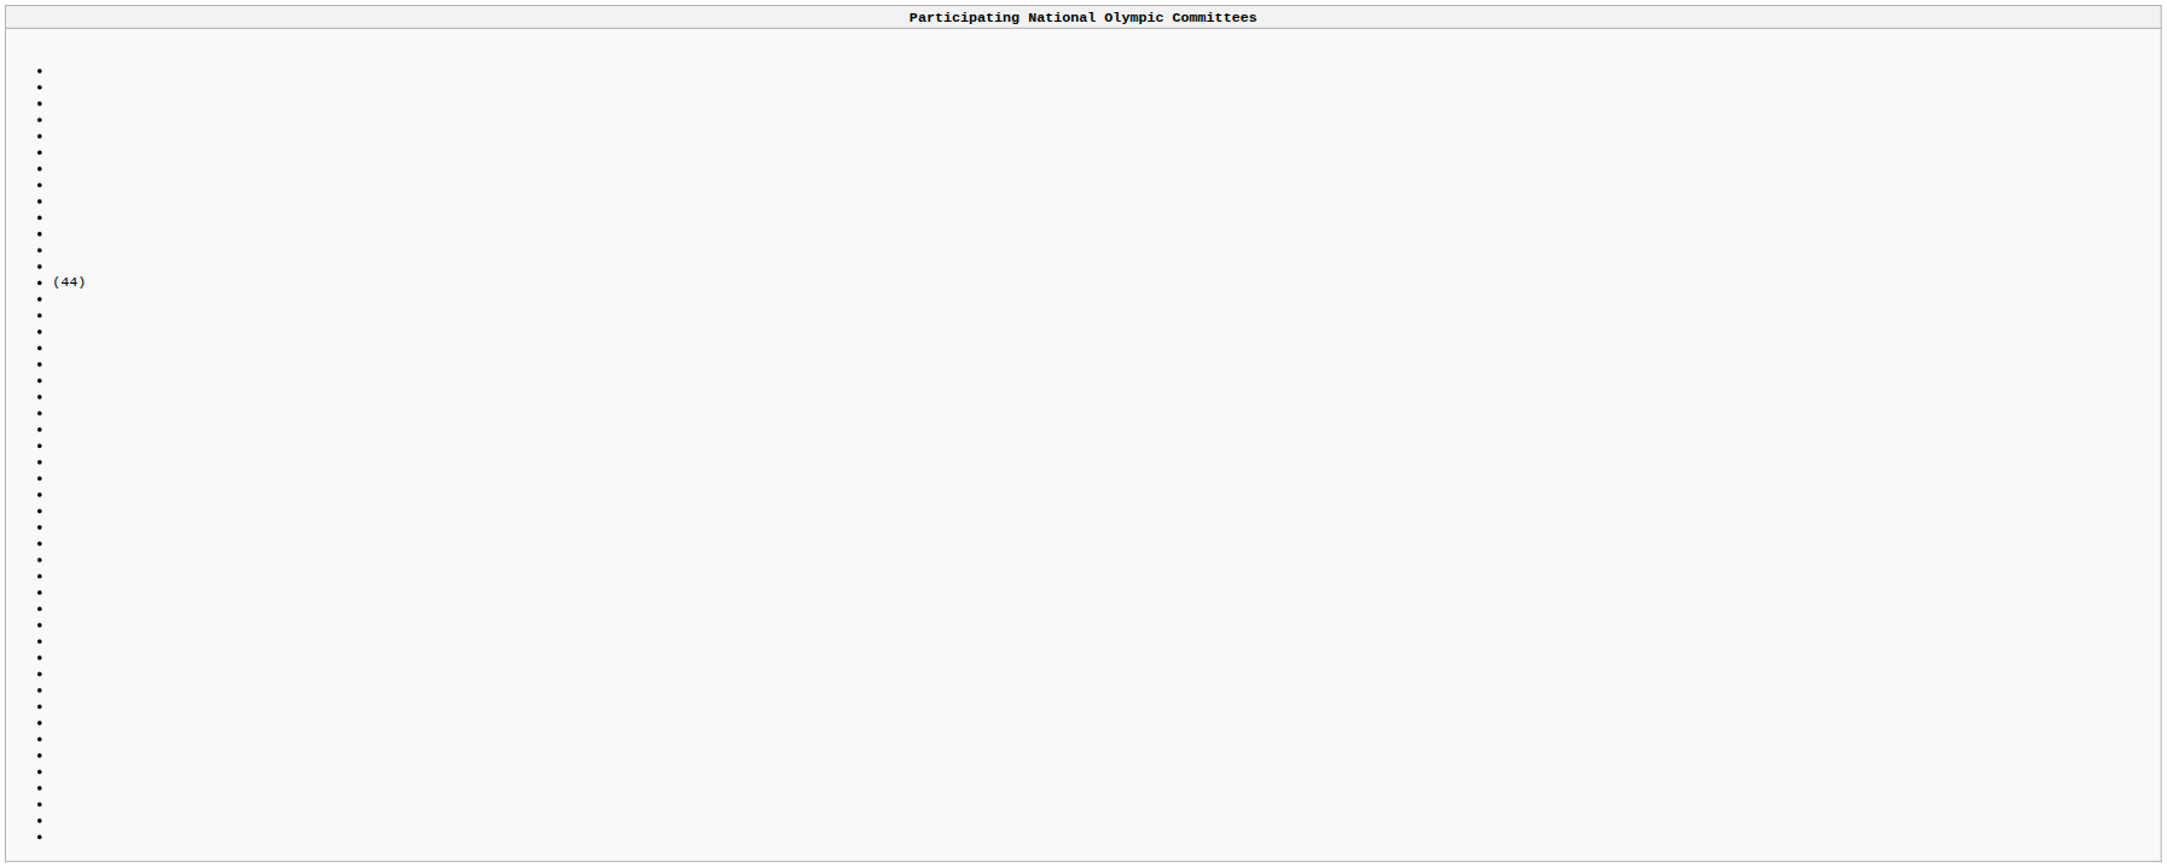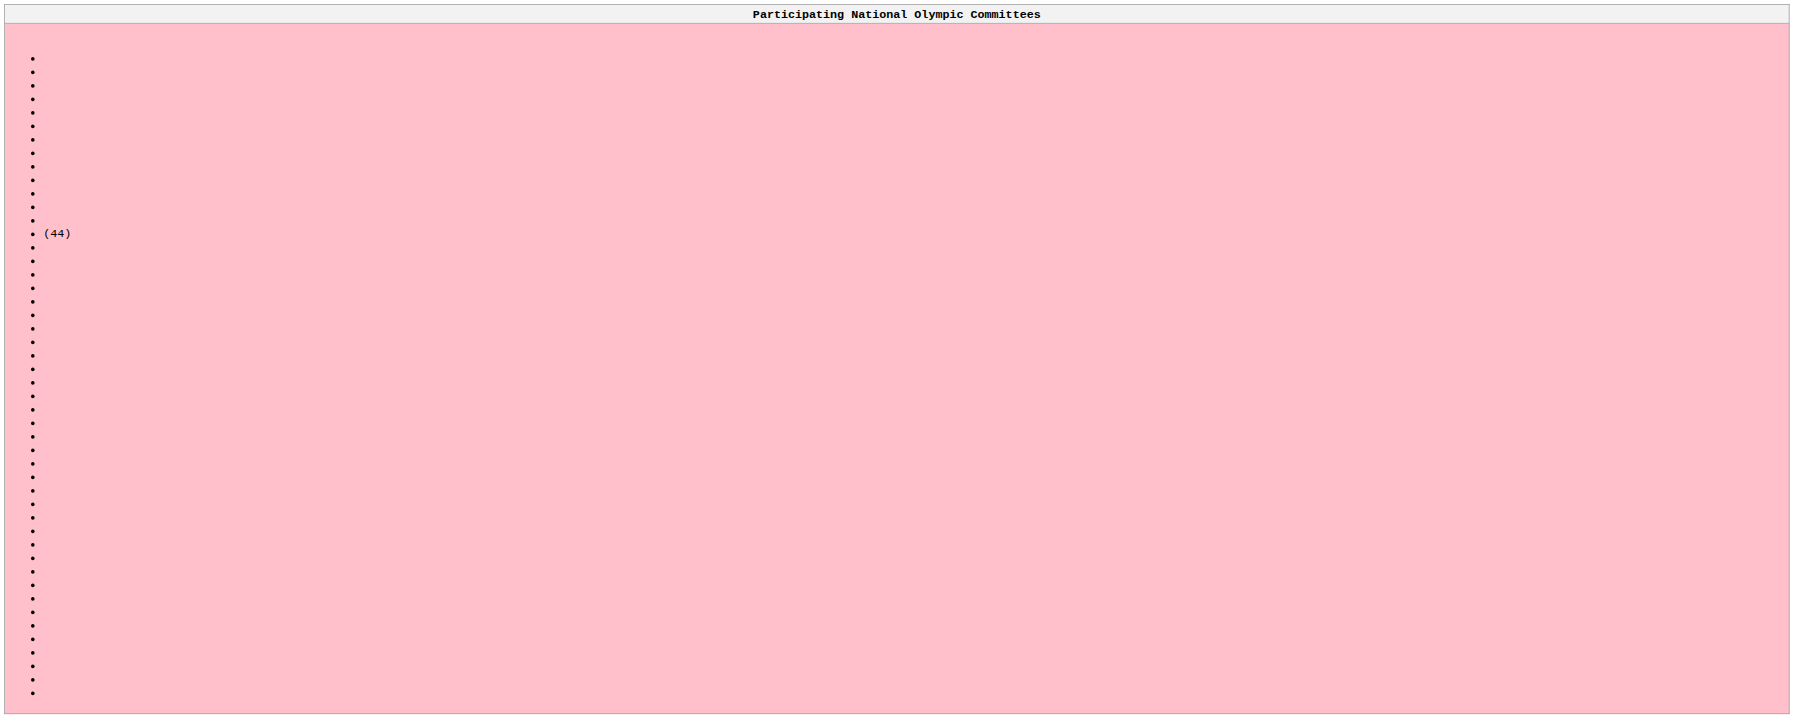 <table class="wikitable collapsible" style="width:100%;">
 <tr>
 <th>Participating National Olympic Committees</th>
 </tr>
 <tr>
-<td><br><ul><li></li><li></li><li></li><li></li><li></li><li></li><li></li><li></li><li></li><li></li><li></li><li></li><li></li><li> (44)</li><li></li><li></li><li></li><li></li><li></li><li></li><li></li><li></li><li></li><li></li><li></li><li></li><li></li><li></li><li></li><li></li><li></li><li></li><li></li><li></li><li></li><li></li><li></li><li></li><li></li><li></li><li></li><li></li><li></li><li></li><li></li><li></li><li></li><li></li></ul></td>
+<td style="background: pink;"><br><ul><li></li><li></li><li></li><li></li><li></li><li></li><li></li><li></li><li></li><li></li><li></li><li></li><li></li><li> (44)</li><li></li><li></li><li></li><li></li><li></li><li></li><li></li><li></li><li></li><li></li><li></li><li></li><li></li><li></li><li></li><li></li><li></li><li></li><li></li><li></li><li></li><li></li><li></li><li></li><li></li><li></li><li></li><li></li><li></li><li></li><li></li><li></li><li></li><li></li></ul></td>
 </tr>
 </table>
